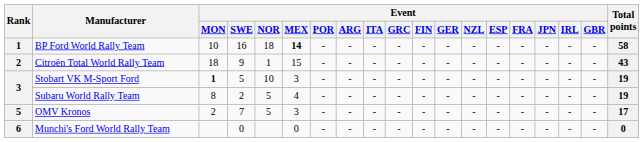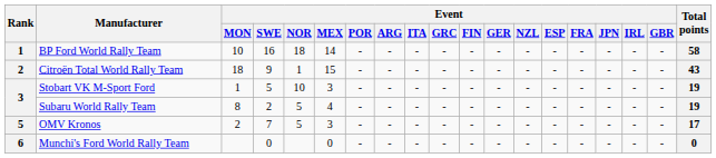 <table class="wikitable" style="text-align:center; font-size:90%;">
 <tr>
 <th rowspan=2>Rank</th>
 <th rowspan=2 style="width:16em">Manufacturer</th>
 <th colspan=16>Event</th>
 <th rowspan=2>Total<br>points</th>
 </tr>
 <tr valign="top">
 <th><a href='#'>MON</a><br></th>
 <th><a href='#'>SWE</a><br></th>
 <th><a href='#'>NOR</a><br></th>
 <th><a href='#'>MEX</a><br></th>
 <th><a href='#'>POR</a><br></th>
 <th><a href='#'>ARG</a><br></th>
 <th><a href='#'>ITA</a><br></th>
 <th><a href='#'>GRC</a><br></th>
 <th><a href='#'>FIN</a><br></th>
 <th><a href='#'>GER</a><br></th>
 <th><a href='#'>NZL</a><br></th>
 <th><a href='#'>ESP</a><br></th>
 <th><a href='#'>FRA</a><br></th>
 <th><a href='#'>JPN</a><br></th>
 <th><a href='#'>IRL</a><br></th>
 <th><a href='#'>GBR</a><br></th>
 </tr>
 <tr>
 <th>1</th>
 <td align=left><a href='#'>BP Ford World Rally Team</a></td>
 <td>10</td>
 <td>16</td>
 <td>18</td>
-<td><strong>14</strong></td>
+<td>14</td>
 <td>-</td>
 <td>-</td>
 <td>-</td>
 <td>-</td>
 <td>-</td>
 <td>-</td>
 <td>-</td>
 <td>-</td>
 <td>-</td>
 <td>-</td>
 <td>-</td>
 <td>-</td>
 <th>58</th>
 </tr>
 <tr>
 <th>2</th>
 <td align=left><a href='#'>Citroën Total World Rally Team</a></td>
 <td>18</td>
 <td>9</td>
 <td>1</td>
 <td>15</td>
 <td>-</td>
 <td>-</td>
 <td>-</td>
 <td>-</td>
 <td>-</td>
 <td>-</td>
 <td>-</td>
 <td>-</td>
 <td>-</td>
 <td>-</td>
 <td>-</td>
 <td>-</td>
 <th>43</th>
 </tr>
 <tr>
 <th rowspan="2">3</th>
 <td align=left><a href='#'>Stobart VK M-Sport Ford</a></td>
-<td><strong>1</strong></td>
+<td>1</td>
 <td>5</td>
 <td>10</td>
 <td>3</td>
 <td>-</td>
 <td>-</td>
 <td>-</td>
 <td>-</td>
 <td>-</td>
 <td>-</td>
 <td>-</td>
 <td>-</td>
 <td>-</td>
 <td>-</td>
 <td>-</td>
 <td>-</td>
 <th>19</th>
 </tr>
 <tr>
 <td align=left><a href='#'>Subaru World Rally Team</a></td>
 <td>8</td>
 <td>2</td>
 <td>5</td>
 <td>4</td>
 <td>-</td>
 <td>-</td>
 <td>-</td>
 <td>-</td>
 <td>-</td>
 <td>-</td>
 <td>-</td>
 <td>-</td>
 <td>-</td>
 <td>-</td>
 <td>-</td>
 <td>-</td>
 <th>19</th>
 </tr>
 <tr>
 <th>5</th>
 <td align=left><a href='#'>OMV Kronos</a></td>
 <td>2</td>
 <td>7</td>
 <td>5</td>
 <td>3</td>
 <td>-</td>
 <td>-</td>
 <td>-</td>
 <td>-</td>
 <td>-</td>
 <td>-</td>
 <td>-</td>
 <td>-</td>
 <td>-</td>
 <td>-</td>
 <td>-</td>
 <td>-</td>
 <th>17</th>
 </tr>
 <tr>
 <th>6</th>
 <td align="left"><a href='#'>Munchi's Ford World Rally Team</a></td>
 <td></td>
 <td>0</td>
 <td></td>
 <td>0</td>
 <td>-</td>
 <td>-</td>
 <td>-</td>
 <td>-</td>
 <td>-</td>
 <td>-</td>
 <td>-</td>
 <td>-</td>
 <td>-</td>
 <td>-</td>
 <td>-</td>
 <td>-</td>
 <th>0</th>
 </tr>
 </table>
